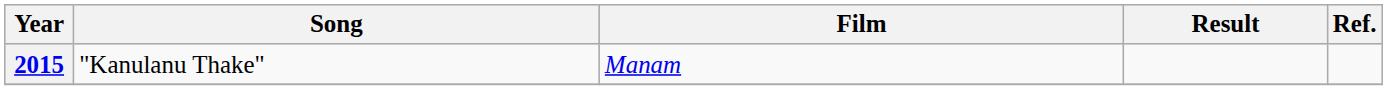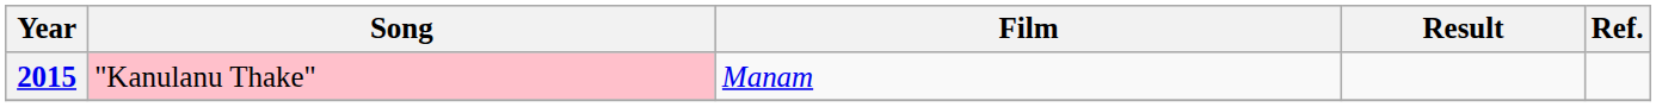 <table class="wikitable plainrowheaders" width="100%" "textcolor:#000;">
 <tr>
 <th scope="col" width=5%><strong>Year</strong></th>
 <th scope="col" width=39%><strong>Song</strong></th>
 <th scope="col" width=39%><strong>Film</strong></th>
 <th scope="col" width=15%><strong>Result</strong></th>
 <th scope="col" width=2%><strong>Ref.</strong></th>
 </tr>
 <tr>
 <th scope="row"><a href='#'>2015</a></th>
-<td>"Kanulanu Thake"</td>
+<td style="background: pink;">"Kanulanu Thake"</td>
 <td><em><a href='#'>Manam</a></em></td>
 <td></td>
 <td></td>
 </tr>
 <tr>
 </tr>
 </table>
